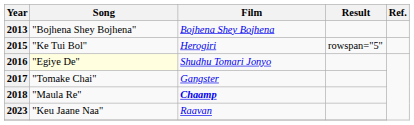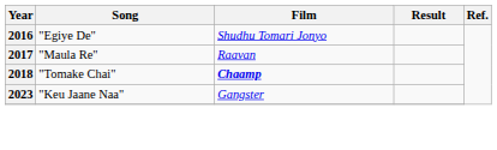 <table class="wikitable plainrowheaders" width="100%" textcolor:#000;">
 <tr>
 <th scope="col" width=5%><strong>Year</strong></th>
 <th scope="col" width=39%><strong>Song</strong></th>
 <th scope="col" width=39%><strong>Film</strong></th>
 <th scope="col" width=15%><strong>Result</strong></th>
 <th scope="col" width=2%><strong>Ref.</strong></th>
 </tr>
 <tr>
-<th scope="row">2013</th>
-<td>"Bojhena Shey Bojhena"</td>
-<td><em><a href='#'>Bojhena Shey Bojhena</a></em></td>
-<td></td>
-<td></td>
-</tr>
-<tr>
-<th scope="row">2015</th>
-<td>"Ke Tui Bol"</td>
-<td><em><a href='#'>Herogiri</a></em></td>
-<td>rowspan="5" </td>
-<td></td>
-</tr>
-<tr>
 <th scope="row">2016</th>
-<td style="background: lightyellow;">"Egiye De"</td>
+<td>"Egiye De"</td>
 <td><em><a href='#'>Shudhu Tomari Jonyo</a></em></td>
 <td></td>
 </tr>
 <tr>
 <th scope="row">2017</th>
-<td>"Tomake Chai"</td>
-<td><em><a href='#'>Gangster</a></em></td>
+<td>"Maula Re"</td>
+<td><em><a href='#'>Raavan</a></em></td>
 <td></td>
 </tr>
 <tr>
 <th scope="row">2018</th>
-<td>"Maula Re"</td>
+<td>"Tomake Chai"</td>
 <td><strong><em><a href='#'>Chaamp</a></em></strong></td>
 <td></td>
 </tr>
 <tr>
 <th scope="row">2023</th>
 <td>"Keu Jaane Naa"</td>
-<td><em><a href='#'>Raavan</a></em></td>
+<td><em><a href='#'>Gangster</a></em></td>
 <td></td>
 </tr>
 <tr>
 </tr>
 </table>
